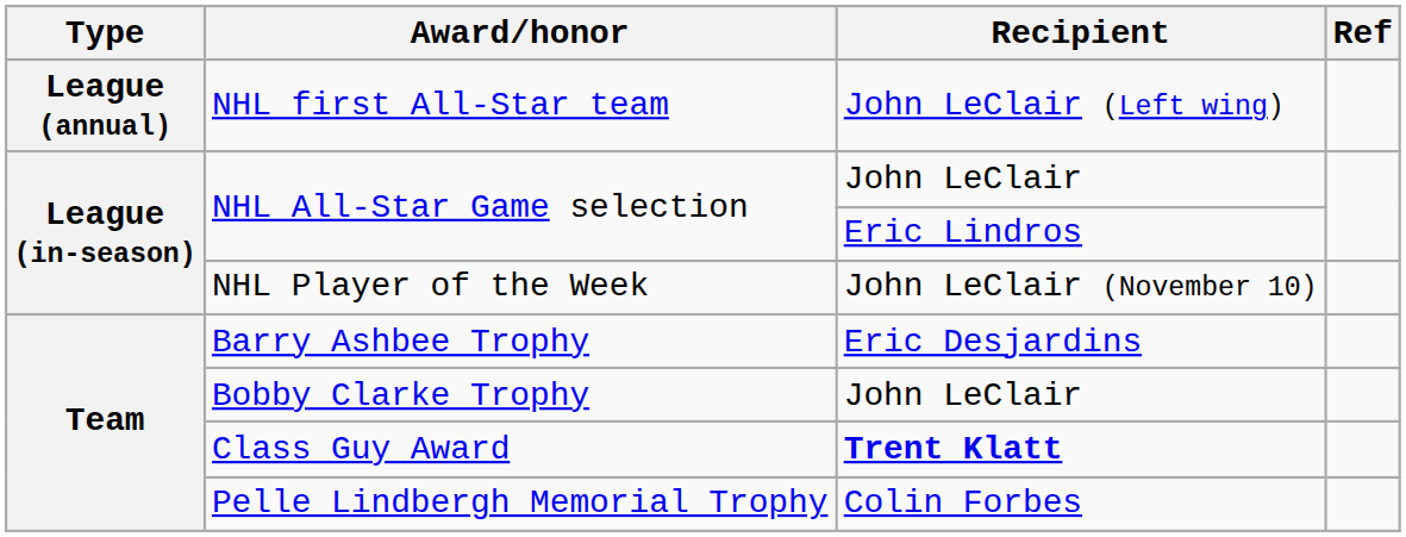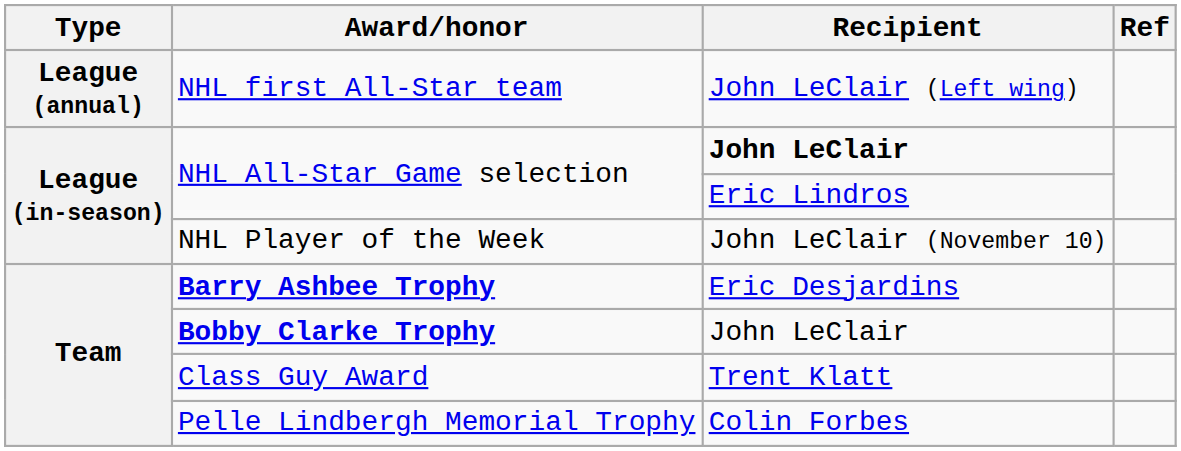 <table class="wikitable">
 <tr>
 <th scope="col">Type</th>
 <th scope="col">Award/honor</th>
 <th scope="col">Recipient</th>
 <th scope="col">Ref</th>
 </tr>
 <tr>
 <th scope="row">League<br><small>(annual)</small></th>
 <td><a href='#'>NHL first All-Star team</a></td>
 <td><a href='#'>John LeClair</a> <small>(<a href='#'>Left wing</a>)</small></td>
 <td></td>
 </tr>
 <tr>
 <th scope="row" rowspan="3">League<br><small>(in-season)</small></th>
 <td rowspan="2"><a href='#'>NHL All-Star Game</a> selection</td>
-<td>John LeClair</td>
+<td><strong>John LeClair</strong></td>
 <td rowspan="2"></td>
 </tr>
 <tr>
 <td><a href='#'>Eric Lindros</a></td>
 </tr>
 <tr>
 <td>NHL Player of the Week</td>
 <td>John LeClair <small>(November 10)</small></td>
 <td></td>
 </tr>
 <tr>
 <th scope="row" rowspan="4">Team</th>
-<td><a href='#'>Barry Ashbee Trophy</a></td>
+<td><strong><a href='#'>Barry Ashbee Trophy</a></strong></td>
 <td><a href='#'>Eric Desjardins</a></td>
 <td></td>
 </tr>
 <tr>
-<td><a href='#'>Bobby Clarke Trophy</a></td>
+<td><strong><a href='#'>Bobby Clarke Trophy</a></strong></td>
 <td>John LeClair</td>
 <td></td>
 </tr>
 <tr>
 <td><a href='#'>Class Guy Award</a></td>
-<td><strong><a href='#'>Trent Klatt</a></strong></td>
+<td><a href='#'>Trent Klatt</a></td>
 <td></td>
 </tr>
 <tr>
 <td><a href='#'>Pelle Lindbergh Memorial Trophy</a></td>
 <td><a href='#'>Colin Forbes</a></td>
 <td></td>
 </tr>
 </table>
